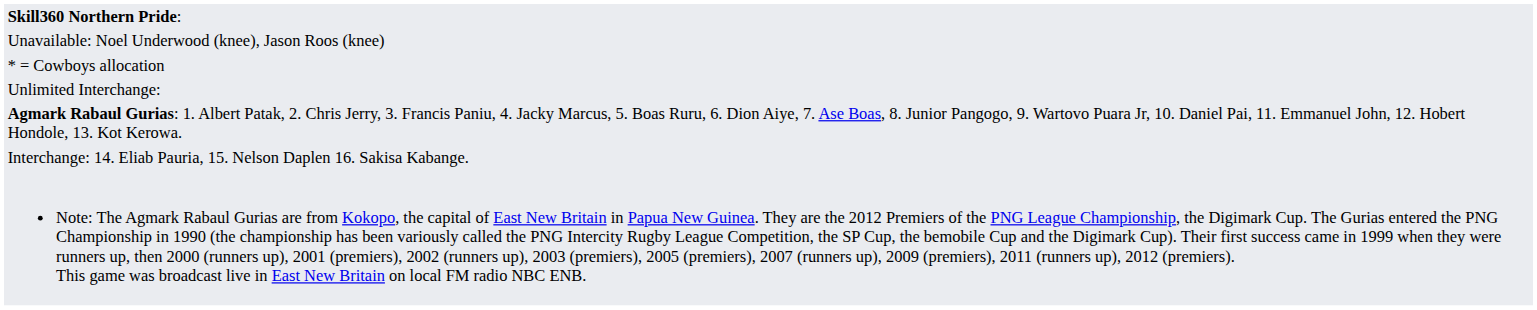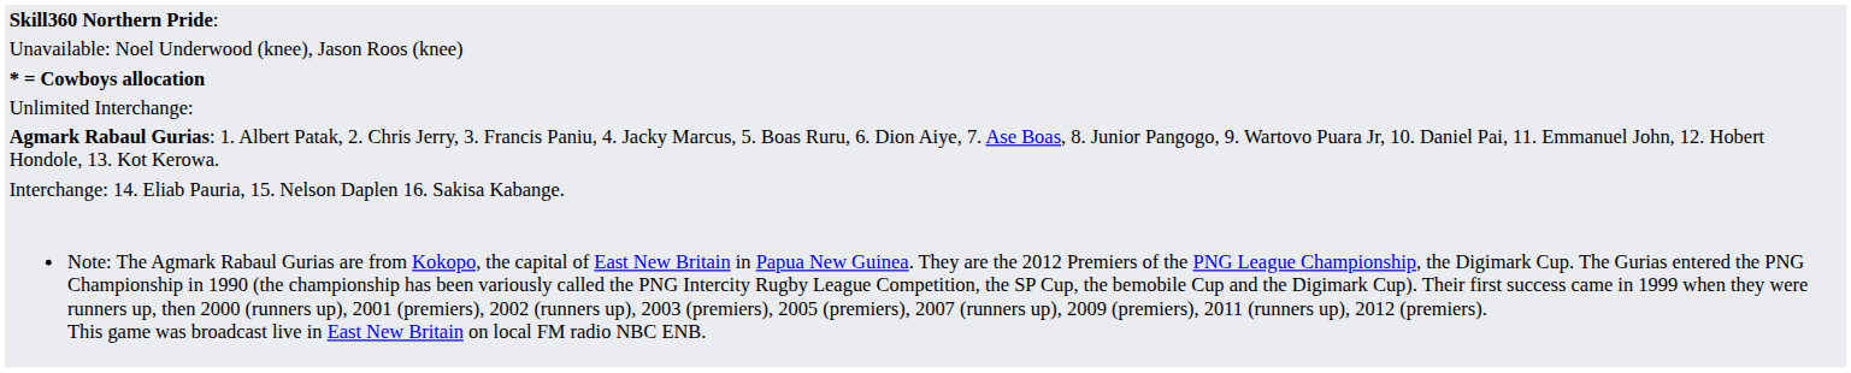 <table style="background:#eaecf0; font-size:85%; width:100%;">
 <tr>
 <td><strong>Skill360 Northern Pride</strong>:             </td>
 </tr>
 <tr>
 <td>Unavailable: Noel Underwood (knee), Jason Roos (knee)</td>
 </tr>
 <tr>
-<td>* = Cowboys allocation</td>
+<td><strong>* = Cowboys allocation</strong></td>
 </tr>
 <tr>
 <td>Unlimited Interchange:             </td>
 </tr>
 <tr>
 <td><strong>Agmark Rabaul Gurias</strong>: 1. Albert Patak, 2. Chris Jerry, 3. Francis Paniu, 4. Jacky Marcus, 5. Boas Ruru, 6. Dion Aiye, 7. <a href='#'>Ase Boas</a>, 8. Junior Pangogo, 9. Wartovo Puara Jr, 10. Daniel Pai, 11. Emmanuel John, 12. Hobert Hondole, 13. Kot Kerowa.</td>
 </tr>
 <tr>
 <td>Interchange: 14. Eliab Pauria, 15. Nelson Daplen 16. Sakisa Kabange.</td>
 </tr>
 <tr>
 <td><br><ul><li>Note: The Agmark Rabaul Gurias are from <a href='#'>Kokopo</a>, the capital of <a href='#'>East New Britain</a> in <a href='#'>Papua New Guinea</a>. They are the 2012 Premiers of the <a href='#'>PNG League Championship</a>, the Digimark Cup. The Gurias entered the PNG Championship in 1990 (the championship has been variously called the PNG Intercity Rugby League Competition, the SP Cup, the bemobile Cup and the Digimark Cup). Their first success came in 1999 when they were runners up, then 2000 (runners up), 2001 (premiers), 2002 (runners up), 2003 (premiers), 2005 (premiers), 2007 (runners up), 2009 (premiers), 2011 (runners up), 2012 (premiers).<br>This game was broadcast live in <a href='#'>East New Britain</a> on local FM radio NBC ENB.</li></ul></td>
 </tr>
 </table>
